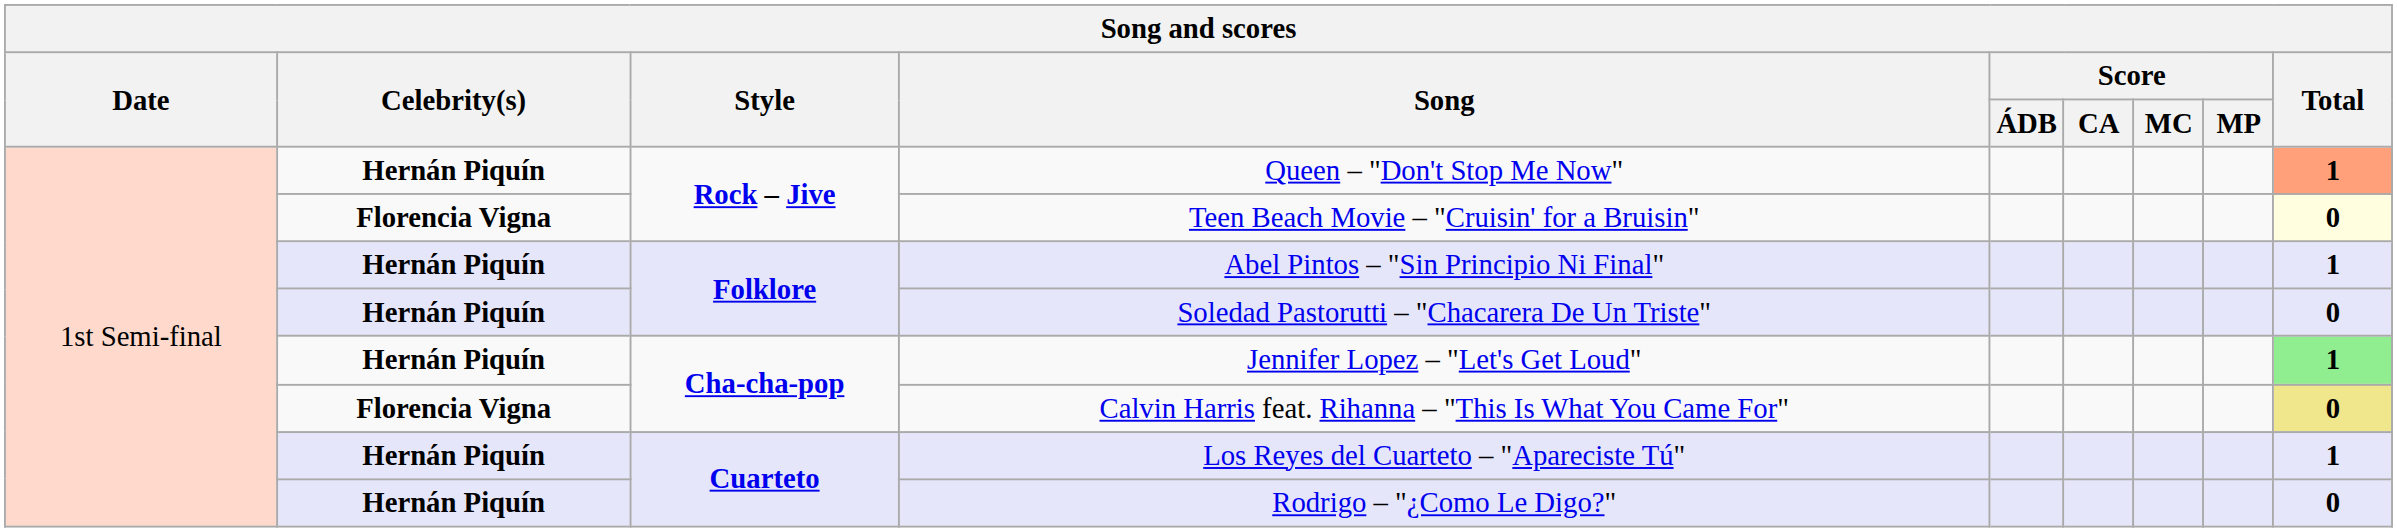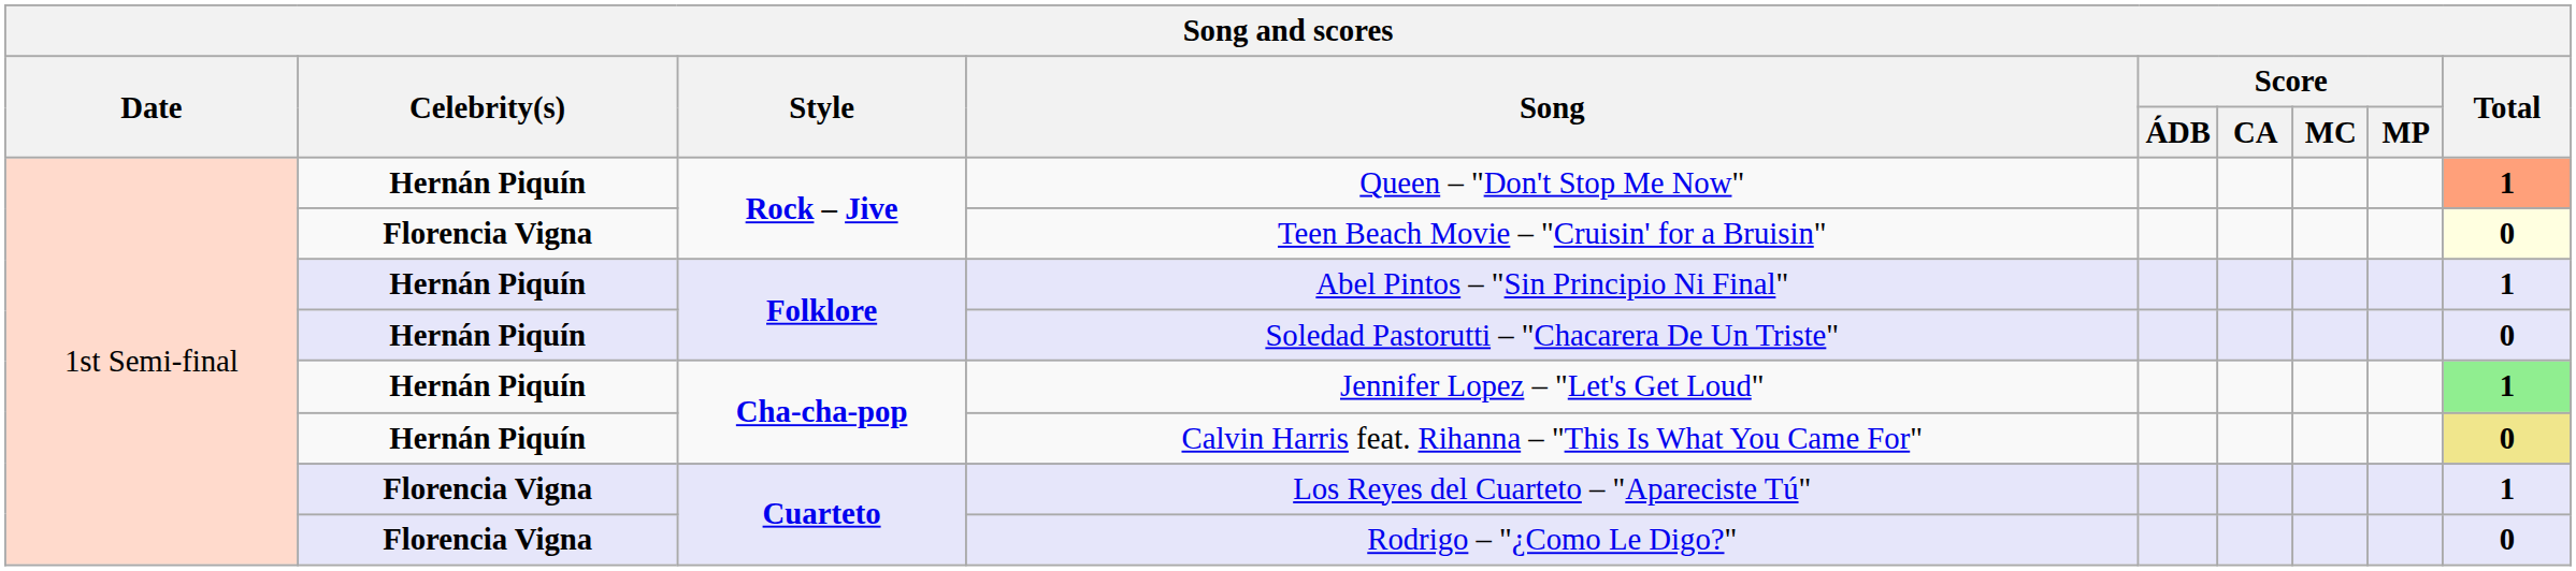 <table class="wikitable collapsible collapsed" style="font-size:95%; text-align: center; width: 100%;">
 <tr>
 <th colspan="11" style="with: 100%;" align=center>Song and scores</th>
 </tr>
 <tr>
 <th rowspan="2">Date</th>
 <th rowspan="2" width="180">Celebrity(s)</th>
 <th rowspan="2">Style</th>
 <th rowspan="2">Song</th>
 <th colspan="4">Score</th>
 <th rowspan="2">Total</th>
 </tr>
 <tr>
 <th width=30>ÁDB</th>
 <th width=30>CA</th>
 <th width=30>MC</th>
 <th width=30>MP</th>
 </tr>
 <tr>
 <td rowspan="8" style=" background:#ffdacc">1st Semi-final<br></td>
 <td><strong>Hernán Piquín</strong></td>
 <td rowspan="2"><strong><a href='#'>Rock</a> – <a href='#'>Jive</a></strong></td>
 <td><a href='#'>Queen</a> – "<a href='#'>Don't Stop Me Now</a>"</td>
 <td></td>
 <td></td>
 <td></td>
 <td></td>
 <td style="background: lightsalmon;"><strong>1</strong></td>
 </tr>
 <tr>
 <td><strong>Florencia Vigna</strong></td>
 <td><a href='#'>Teen Beach Movie</a> – "<a href='#'>Cruisin' for a Bruisin</a>"</td>
 <td></td>
 <td></td>
 <td></td>
 <td></td>
 <td style="background: lightyellow;"><strong>0</strong></td>
 </tr>
 <tr style="background:lavender;">
 <td><strong>Hernán Piquín</strong></td>
 <td rowspan="2"><strong><a href='#'>Folklore</a></strong></td>
 <td><a href='#'>Abel Pintos</a> – "<a href='#'>Sin Principio Ni Final</a>"</td>
 <td></td>
 <td></td>
 <td></td>
 <td></td>
 <td><strong>1</strong></td>
 </tr>
 <tr style="background:lavender;">
 <td><strong>Hernán Piquín</strong></td>
 <td><a href='#'>Soledad Pastorutti</a> – "<a href='#'>Chacarera De Un Triste</a>"</td>
 <td></td>
 <td></td>
 <td></td>
 <td></td>
 <td><strong>0</strong></td>
 </tr>
 <tr>
 <td><strong>Hernán Piquín</strong></td>
 <td rowspan="2"><strong><a href='#'>Cha-cha-pop</a></strong></td>
 <td><a href='#'>Jennifer Lopez</a> – "<a href='#'>Let's Get Loud</a>"</td>
 <td></td>
 <td></td>
 <td></td>
 <td></td>
 <td style="background: lightgreen;"><strong>1</strong></td>
 </tr>
 <tr>
-<td><strong>Florencia Vigna</strong></td>
+<td><strong>Hernán Piquín</strong></td>
 <td><a href='#'>Calvin Harris</a> feat. <a href='#'>Rihanna</a> – "<a href='#'>This Is What You Came For</a>"</td>
 <td></td>
 <td></td>
 <td></td>
 <td></td>
 <td style="background: khaki;"><strong>0</strong></td>
 </tr>
 <tr style="background:lavender;">
-<td><strong>Hernán Piquín</strong></td>
+<td><strong>Florencia Vigna</strong></td>
 <td rowspan="2"><strong><a href='#'>Cuarteto</a></strong></td>
 <td><a href='#'>Los Reyes del Cuarteto</a> – "<a href='#'>Apareciste Tú</a>"</td>
 <td></td>
 <td></td>
 <td></td>
 <td></td>
 <td><strong>1</strong></td>
 </tr>
 <tr style="background:lavender;">
-<td><strong>Hernán Piquín</strong></td>
+<td><strong>Florencia Vigna</strong></td>
 <td><a href='#'>Rodrigo</a> – "<a href='#'>¿Como Le Digo?</a>"</td>
 <td></td>
 <td></td>
 <td></td>
 <td></td>
 <td><strong>0</strong></td>
 </tr>
 </table>
